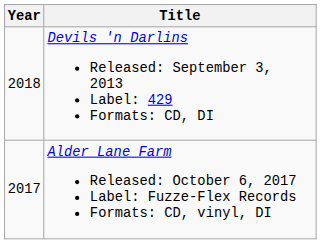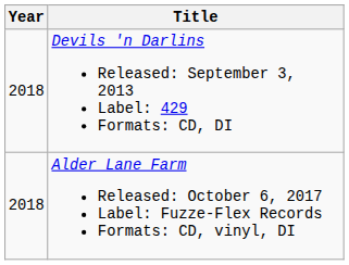 <table class="wikitable">
 <tr>
 <th>Year</th>
 <th width="250">Title</th>
 </tr>
 <tr>
 <td>2018</td>
 <td><em><a href='#'>Devils 'n Darlins</a></em><br><ul><li>Released: September 3, 2013</li><li>Label: <a href='#'>429</a></li><li>Formats: CD, DI</li></ul></td>
 </tr>
 <tr>
-<td>2017</td>
+<td>2018</td>
 <td><em><a href='#'>Alder Lane Farm</a></em><br><ul><li>Released: October 6, 2017</li><li>Label: Fuzze-Flex Records</li><li>Formats: CD, vinyl, DI</li></ul></td>
 </tr>
 </table>
